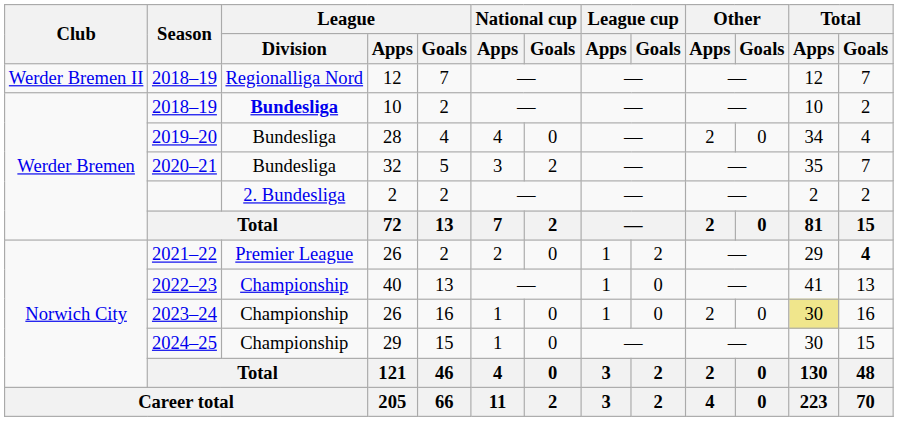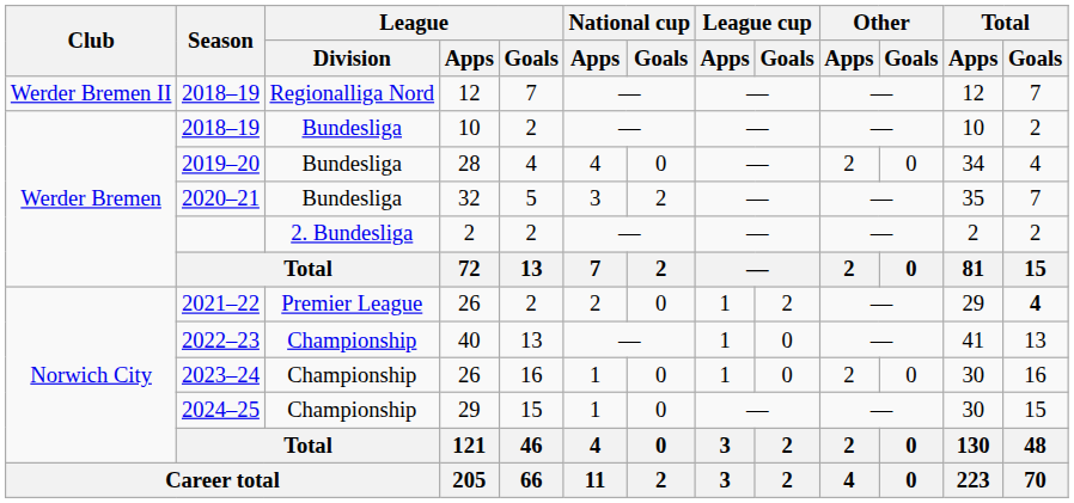 <table class="wikitable" style="text-align: center">
 <tr>
 <th rowspan="2">Club</th>
 <th rowspan="2">Season</th>
 <th colspan="3">League</th>
 <th colspan="2">National cup</th>
 <th colspan="2">League cup</th>
 <th colspan="2">Other</th>
 <th colspan="2">Total</th>
 </tr>
 <tr>
 <th>Division</th>
 <th>Apps</th>
 <th>Goals</th>
 <th>Apps</th>
 <th>Goals</th>
 <th>Apps</th>
 <th>Goals</th>
 <th>Apps</th>
 <th>Goals</th>
 <th>Apps</th>
 <th>Goals</th>
 </tr>
 <tr>
 <td><a href='#'>Werder Bremen II</a></td>
 <td><a href='#'>2018–19</a></td>
 <td><a href='#'>Regionalliga Nord</a></td>
 <td>12</td>
 <td>7</td>
 <td colspan="2">—</td>
 <td colspan="2">—</td>
 <td colspan="2">—</td>
 <td>12</td>
 <td>7</td>
 </tr>
 <tr>
 <td rowspan="5"><a href='#'>Werder Bremen</a></td>
 <td><a href='#'>2018–19</a></td>
-<td><strong><a href='#'>Bundesliga</a></strong></td>
+<td><a href='#'>Bundesliga</a></td>
 <td>10</td>
 <td>2</td>
 <td colspan="2">—</td>
 <td colspan="2">—</td>
 <td colspan="2">—</td>
 <td>10</td>
 <td>2</td>
 </tr>
 <tr>
 <td><a href='#'>2019–20</a></td>
 <td>Bundesliga</td>
 <td>28</td>
 <td>4</td>
 <td>4</td>
 <td>0</td>
 <td colspan="2">—</td>
 <td>2</td>
 <td>0</td>
 <td>34</td>
 <td>4</td>
 </tr>
 <tr>
 <td><a href='#'>2020–21</a></td>
 <td>Bundesliga</td>
 <td>32</td>
 <td>5</td>
 <td>3</td>
 <td>2</td>
 <td colspan="2">—</td>
 <td colspan="2">—</td>
 <td>35</td>
 <td>7</td>
 </tr>
 <tr>
 <td></td>
 <td><a href='#'>2. Bundesliga</a></td>
 <td>2</td>
 <td>2</td>
 <td colspan="2">—</td>
 <td colspan="2">—</td>
 <td colspan="2">—</td>
 <td>2</td>
 <td>2</td>
 </tr>
 <tr>
 <th colspan="2">Total</th>
 <th>72</th>
 <th>13</th>
 <th>7</th>
 <th>2</th>
 <th colspan="2">—</th>
 <th>2</th>
 <th>0</th>
 <th>81</th>
 <th>15</th>
 </tr>
 <tr>
 <td rowspan="5"><a href='#'>Norwich City</a></td>
 <td><a href='#'>2021–22</a></td>
 <td><a href='#'>Premier League</a></td>
 <td>26</td>
 <td>2</td>
 <td>2</td>
 <td>0</td>
 <td>1</td>
 <td>2</td>
 <td colspan="2">—</td>
 <td>29</td>
 <td><strong>4</strong></td>
 </tr>
 <tr>
 <td><a href='#'>2022–23</a></td>
 <td><a href='#'>Championship</a></td>
 <td>40</td>
 <td>13</td>
 <td colspan="2">—</td>
 <td>1</td>
 <td>0</td>
 <td colspan="2">—</td>
 <td>41</td>
 <td>13</td>
 </tr>
 <tr>
 <td><a href='#'>2023–24</a></td>
 <td>Championship</td>
 <td>26</td>
 <td>16</td>
 <td>1</td>
 <td>0</td>
 <td>1</td>
 <td>0</td>
 <td>2</td>
 <td>0</td>
-<td style="background: khaki;">30</td>
+<td>30</td>
 <td>16</td>
 </tr>
 <tr>
 <td><a href='#'>2024–25</a></td>
 <td>Championship</td>
 <td>29</td>
 <td>15</td>
 <td>1</td>
 <td>0</td>
 <td colspan="2">—</td>
 <td colspan="2">—</td>
 <td>30</td>
 <td>15</td>
 </tr>
 <tr>
 <th colspan="2">Total</th>
 <th>121</th>
 <th>46</th>
 <th>4</th>
 <th>0</th>
 <th>3</th>
 <th>2</th>
 <th>2</th>
 <th>0</th>
 <th>130</th>
 <th>48</th>
 </tr>
 <tr>
 <th colspan="3">Career total</th>
 <th>205</th>
 <th>66</th>
 <th>11</th>
 <th>2</th>
 <th>3</th>
 <th>2</th>
 <th>4</th>
 <th>0</th>
 <th>223</th>
 <th>70</th>
 </tr>
 </table>
